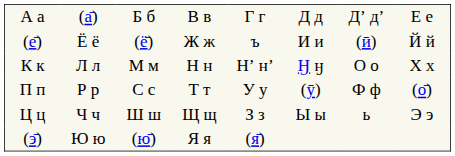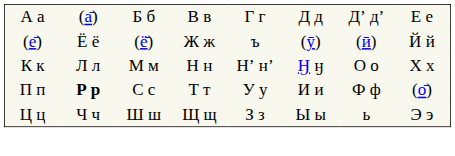 <table style="font-family:Arial Unicode MS; font-size:1.4em; border-color:#000000; border-width:1px; border-style:solid; border-collapse:collapse; background-color:#F8F8EF">
 <tr>
 <td style="width:3em; text-align:center; padding: 3px;">А а</td>
 <td style="width:3em; text-align:center; padding: 3px;">(<a href='#'>а̄</a>)</td>
 <td style="width:3em; text-align:center; padding: 3px;">Б б</td>
 <td style="width:3em; text-align:center; padding: 3px;">В в</td>
 <td style="width:3em; text-align:center; padding: 3px;">Г г</td>
 <td style="width:3em; text-align:center; padding: 3px;">Д д</td>
 <td style="width:3em; text-align:center; padding: 3px;">Дʼ дʼ</td>
 <td style="width:3em; text-align:center; padding: 3px;">Е е</td>
 </tr>
 <tr>
 <td style="width:3em; text-align:center; padding: 3px;">(<a href='#'>е̄</a>)</td>
 <td style="width:3em; text-align:center; padding: 3px;">Ё ё</td>
 <td style="width:3em; text-align:center; padding: 3px;">(<a href='#'>ё̄</a>)</td>
 <td style="width:3em; text-align:center; padding: 3px;">Ж ж</td>
 <td style="width:3em; text-align:center; padding: 3px;">ъ</td>
-<td style="width:3em; text-align:center; padding: 3px;">И и</td>
+<td style="width:3em; text-align:center; padding: 3px;">(<a href='#'>ӯ</a>)</td>
 <td style="width:3em; text-align:center; padding: 3px;">(<a href='#'>ӣ</a>)</td>
 <td style="width:3em; text-align:center; padding: 3px;">Й й</td>
 </tr>
 <tr>
 <td style="width:3em; text-align:center; padding: 3px;">К к</td>
 <td style="width:3em; text-align:center; padding: 3px;">Л л</td>
 <td style="width:3em; text-align:center; padding: 3px;">М м</td>
 <td style="width:3em; text-align:center; padding: 3px;">Н н</td>
 <td style="width:3em; text-align:center; padding: 3px;">Нʼ нʼ</td>
 <td style="width:3em; text-align:center; padding: 3px;"><a href='#'>Ӈ</a> ӈ</td>
 <td style="width:3em; text-align:center; padding: 3px;">О о</td>
 <td style="width:3em; text-align:center; padding: 3px;">Х х</td>
 </tr>
 <tr>
 <td style="width:3em; text-align:center; padding: 3px;">П п</td>
-<td style="width:3em; text-align:center; padding: 3px;">Р р</td>
+<td style="width:3em; text-align:center; padding: 3px;"><strong>Р р</strong></td>
 <td style="width:3em; text-align:center; padding: 3px;">С с</td>
 <td style="width:3em; text-align:center; padding: 3px;">Т т</td>
 <td style="width:3em; text-align:center; padding: 3px;">У у</td>
-<td style="width:3em; text-align:center; padding: 3px;">(<a href='#'>ӯ</a>)</td>
+<td style="width:3em; text-align:center; padding: 3px;">И и</td>
 <td style="width:3em; text-align:center; padding: 3px;">Ф ф</td>
 <td style="width:3em; text-align:center; padding: 3px;">(<a href='#'>о̄</a>)</td>
 </tr>
 <tr>
 <td style="width:3em; text-align:center; padding: 3px;">Ц ц</td>
 <td style="width:3em; text-align:center; padding: 3px;">Ч ч</td>
 <td style="width:3em; text-align:center; padding: 3px;">Ш ш</td>
 <td style="width:3em; text-align:center; padding: 3px;">Щ щ</td>
 <td style="width:3em; text-align:center; padding: 3px;">З з</td>
 <td style="width:3em; text-align:center; padding: 3px;">Ы ы</td>
 <td style="width:3em; text-align:center; padding: 3px;">ь</td>
 <td style="width:3em; text-align:center; padding: 3px;">Э э</td>
 </tr>
-<tr>
-<td style="width:3em; text-align:center; padding: 3px;">(<a href='#'>э̄</a>)</td>
-<td style="width:3em; text-align:center; padding: 3px;">Ю ю</td>
-<td style="width:3em; text-align:center; padding: 3px;">(<a href='#'>ю̄</a>)</td>
-<td style="width:3em; text-align:center; padding: 3px;">Я я</td>
-<td style="width:3em; text-align:center; padding: 3px;">(<a href='#'>я̄</a>)</td>
-<td></td>
-<td></td>
-<td></td>
-</tr>
 </table>
